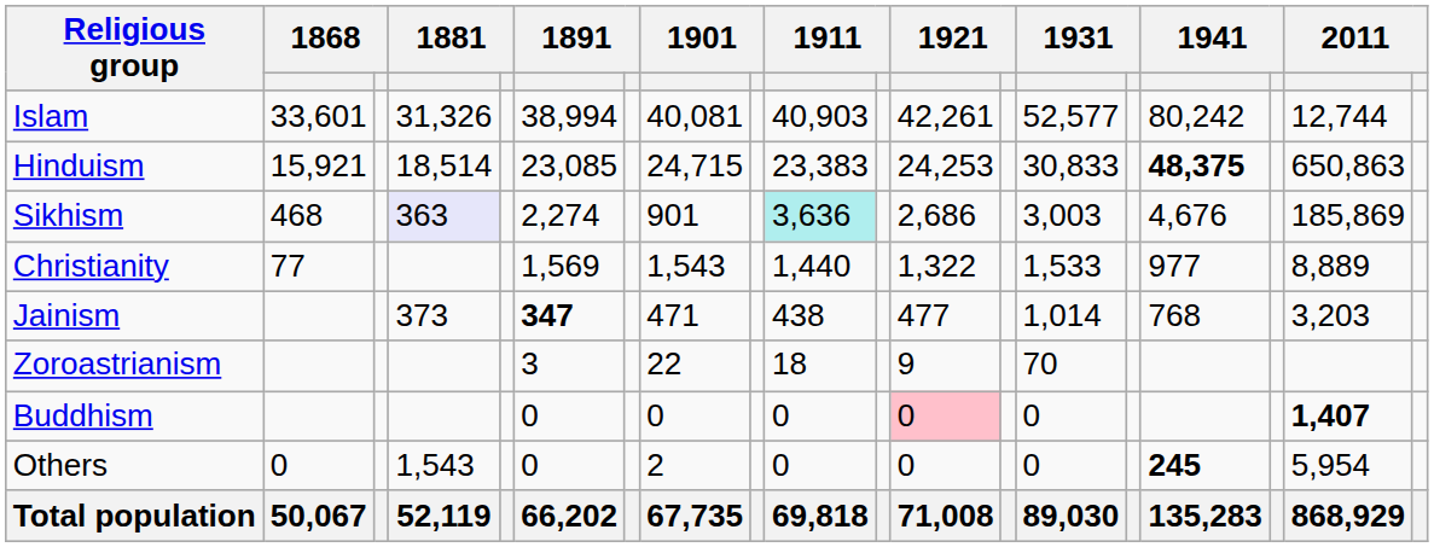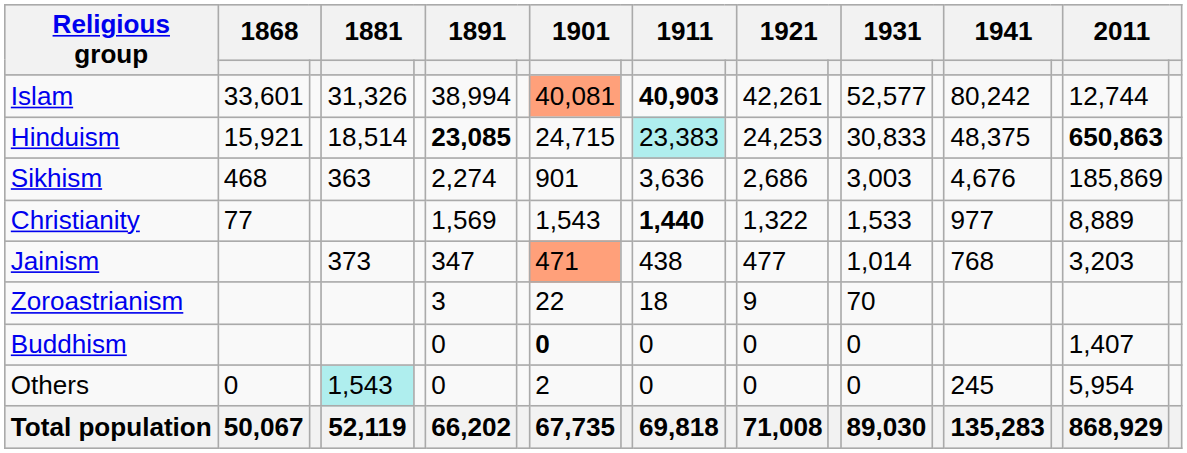 <table class="wikitable sortable">
 <tr>
 <th rowspan="2"><a href='#'>Religious</a><br>group</th>
 <th colspan="2">1868</th>
 <th colspan="2">1881</th>
 <th colspan="2">1891</th>
 <th colspan="2">1901</th>
 <th colspan="2">1911</th>
 <th colspan="2">1921</th>
 <th colspan="2">1931</th>
 <th colspan="2">1941</th>
 <th colspan="2">2011</th>
 </tr>
 <tr>
 <th><a href='#'></a></th>
 <th></th>
 <th></th>
 <th></th>
 <th></th>
 <th></th>
 <th></th>
 <th></th>
 <th></th>
 <th></th>
 <th></th>
 <th></th>
 <th></th>
 <th></th>
 <th></th>
 <th></th>
 <th></th>
 <th></th>
 </tr>
 <tr>
 <td><a href='#'>Islam</a> </td>
 <td>33,601</td>
 <td></td>
 <td>31,326</td>
 <td></td>
 <td>38,994</td>
 <td></td>
-<td>40,081</td>
+<td style="background: lightsalmon;">40,081</td>
 <td></td>
-<td>40,903</td>
+<td><strong>40,903</strong></td>
 <td></td>
 <td>42,261</td>
 <td></td>
 <td>52,577</td>
 <td></td>
 <td>80,242</td>
 <td></td>
 <td>12,744</td>
 <td></td>
 </tr>
 <tr>
 <td><a href='#'>Hinduism</a> </td>
 <td>15,921</td>
 <td></td>
 <td>18,514</td>
 <td></td>
-<td>23,085</td>
+<td><strong>23,085</strong></td>
 <td></td>
 <td>24,715</td>
 <td></td>
-<td>23,383</td>
+<td style="background: paleturquoise;">23,383</td>
 <td></td>
 <td>24,253</td>
 <td></td>
 <td>30,833</td>
 <td></td>
-<td><strong>48,375</strong></td>
+<td>48,375</td>
 <td></td>
-<td>650,863</td>
+<td><strong>650,863</strong></td>
 <td></td>
 </tr>
 <tr>
 <td><a href='#'>Sikhism</a> </td>
 <td>468</td>
 <td></td>
-<td style="background: lavender;">363</td>
+<td>363</td>
 <td></td>
 <td>2,274</td>
 <td></td>
 <td>901</td>
 <td></td>
-<td style="background: paleturquoise;">3,636</td>
+<td>3,636</td>
 <td></td>
 <td>2,686</td>
 <td></td>
 <td>3,003</td>
 <td></td>
 <td>4,676</td>
 <td></td>
 <td>185,869</td>
 <td></td>
 </tr>
 <tr>
 <td><a href='#'>Christianity</a> </td>
 <td>77</td>
 <td></td>
 <td></td>
 <td></td>
 <td>1,569</td>
 <td></td>
 <td>1,543</td>
 <td></td>
-<td>1,440</td>
+<td><strong>1,440</strong></td>
 <td></td>
 <td>1,322</td>
 <td></td>
 <td>1,533</td>
 <td></td>
 <td>977</td>
 <td></td>
 <td>8,889</td>
 <td></td>
 </tr>
 <tr>
 <td><a href='#'>Jainism</a> </td>
 <td></td>
 <td></td>
 <td>373</td>
 <td></td>
-<td><strong>347</strong></td>
+<td>347</td>
 <td></td>
-<td>471</td>
+<td style="background: lightsalmon;">471</td>
 <td></td>
 <td>438</td>
 <td></td>
 <td>477</td>
 <td></td>
 <td>1,014</td>
 <td></td>
 <td>768</td>
 <td></td>
 <td>3,203</td>
 <td></td>
 </tr>
 <tr>
 <td><a href='#'>Zoroastrianism</a> </td>
 <td></td>
 <td></td>
 <td></td>
 <td></td>
 <td>3</td>
 <td></td>
 <td>22</td>
 <td></td>
 <td>18</td>
 <td></td>
 <td>9</td>
 <td></td>
 <td>70</td>
 <td></td>
 <td></td>
 <td></td>
 <td></td>
 <td></td>
 </tr>
 <tr>
 <td><a href='#'>Buddhism</a> </td>
 <td></td>
 <td></td>
 <td></td>
 <td></td>
 <td>0</td>
 <td></td>
+<td><strong>0</strong></td>
+<td></td>
 <td>0</td>
 <td></td>
 <td>0</td>
-<td></td>
-<td style="background: pink;">0</td>
 <td></td>
 <td>0</td>
 <td></td>
 <td></td>
 <td></td>
-<td><strong>1,407</strong></td>
+<td>1,407</td>
 <td></td>
 </tr>
 <tr>
 <td>Others</td>
 <td>0</td>
 <td></td>
-<td>1,543</td>
+<td style="background: paleturquoise;">1,543</td>
 <td></td>
 <td>0</td>
 <td></td>
 <td>2</td>
 <td></td>
 <td>0</td>
 <td></td>
 <td>0</td>
 <td></td>
 <td>0</td>
 <td></td>
-<td><strong>245</strong></td>
+<td>245</td>
 <td></td>
 <td>5,954</td>
 <td></td>
 </tr>
 <tr>
 <th>Total population</th>
 <th>50,067</th>
 <th></th>
 <th>52,119</th>
 <th></th>
 <th>66,202</th>
 <th></th>
 <th>67,735</th>
 <th></th>
 <th>69,818</th>
 <th></th>
 <th>71,008</th>
 <th></th>
 <th>89,030</th>
 <th></th>
 <th>135,283</th>
 <th></th>
 <th>868,929</th>
 <th></th>
 </tr>
 </table>
